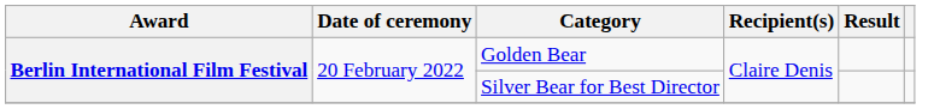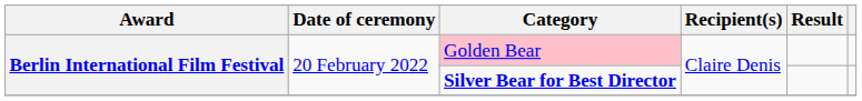 <table class="wikitable sortable plainrowheaders">
 <tr>
 <th scope="col">Award</th>
 <th scope="col">Date of ceremony</th>
 <th scope="col">Category</th>
 <th scope="col">Recipient(s)</th>
 <th scope="col">Result</th>
 <th scope="col" class="unsortable"></th>
 </tr>
 <tr>
 <th scope="row" rowspan="2"><a href='#'>Berlin International Film Festival</a></th>
 <td rowspan="2"><a href='#'>20 February 2022</a></td>
-<td><a href='#'>Golden Bear</a></td>
+<td style="background: pink;"><a href='#'>Golden Bear</a></td>
 <td rowspan="2"><a href='#'>Claire Denis</a></td>
 <td></td>
 <td align="center"></td>
 </tr>
 <tr>
-<td><a href='#'>Silver Bear for Best Director</a></td>
+<td><strong><a href='#'>Silver Bear for Best Director</a></strong></td>
 <td></td>
 <td align="center"></td>
 </tr>
 <tr>
 </tr>
 </table>
